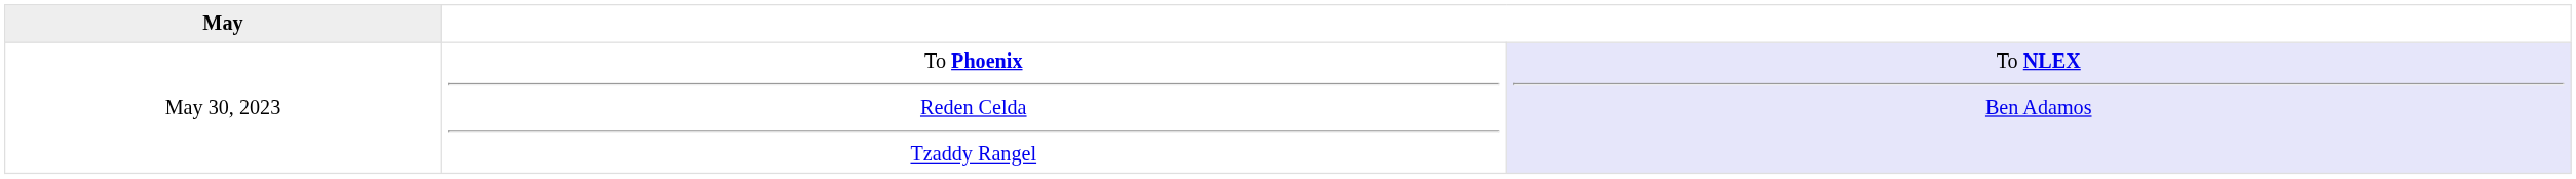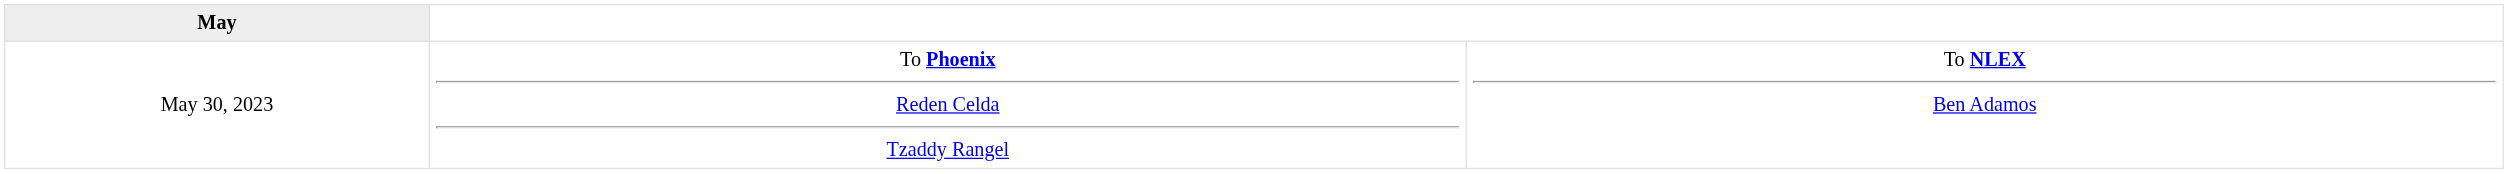 <table border=1 style="border-collapse:collapse; text-align: center; width: 100%" bordercolor="#DFDFDF"  cellpadding="5">
 <tr bgcolor="eeeeee">
 <th>May</th>
 </tr>
 <tr>
 <td style="width:12%">May 30, 2023</td>
 <td style="width:29.3%" valign="top">To <strong><a href='#'>Phoenix</a></strong><hr><a href='#'>Reden Celda</a><hr><a href='#'>Tzaddy Rangel</a></td>
-<td style="background: lavender; width:29.3%" valign="top">To <strong><a href='#'>NLEX</a></strong><hr><a href='#'>Ben Adamos</a></td>
+<td style="width:29.3%" valign="top">To <strong><a href='#'>NLEX</a></strong><hr><a href='#'>Ben Adamos</a></td>
 </tr>
 </table>
